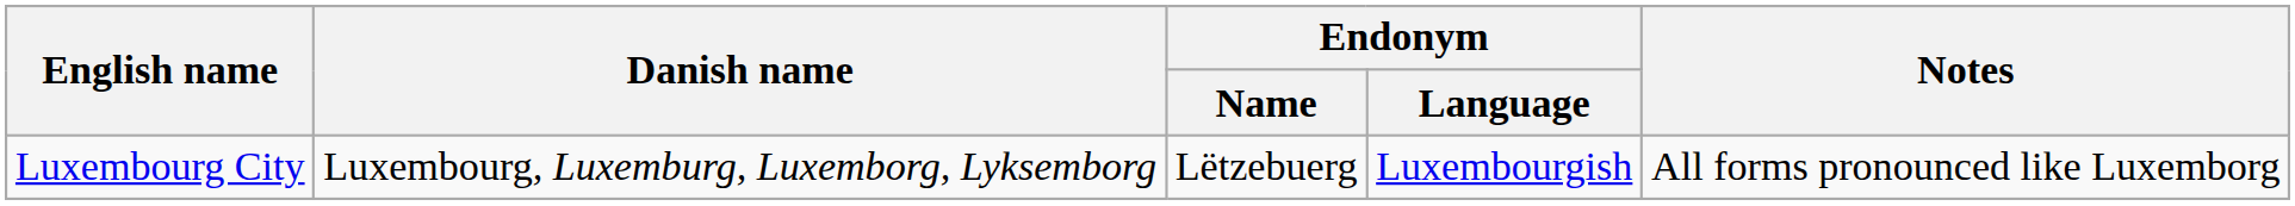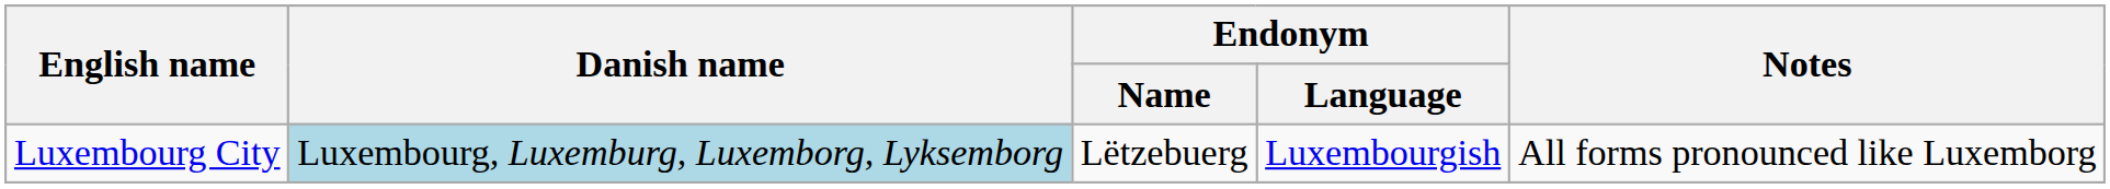 <table class="wikitable sortable mw-collapsible">
 <tr>
 <th rowspan="2"><strong>English name</strong></th>
 <th rowspan="2"><strong>Danish name</strong></th>
 <th colspan="2"><strong>Endonym</strong></th>
 <th rowspan="2"><strong>Notes</strong></th>
 </tr>
 <tr>
 <th><strong>Name</strong></th>
 <th><strong>Language</strong></th>
 </tr>
 <tr>
 <td><a href='#'>Luxembourg City</a></td>
-<td>Luxembourg<em>, Luxemburg, Luxemborg, Lyksemborg</em></td>
+<td style="background: lightblue;">Luxembourg<em>, Luxemburg, Luxemborg, Lyksemborg</em></td>
 <td>Lëtzebuerg</td>
 <td><a href='#'>Luxembourgish</a></td>
 <td>All forms pronounced like Luxemborg</td>
 </tr>
 </table>
